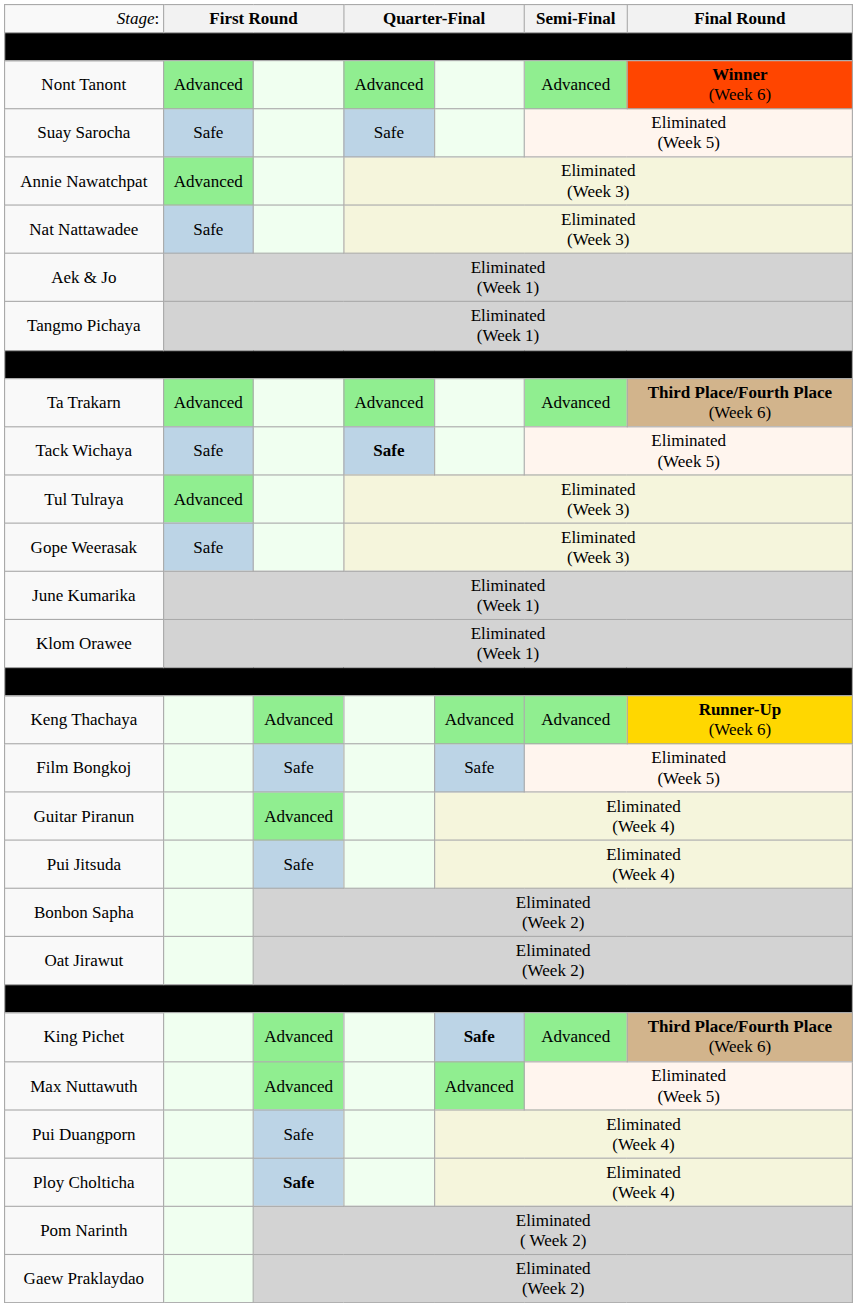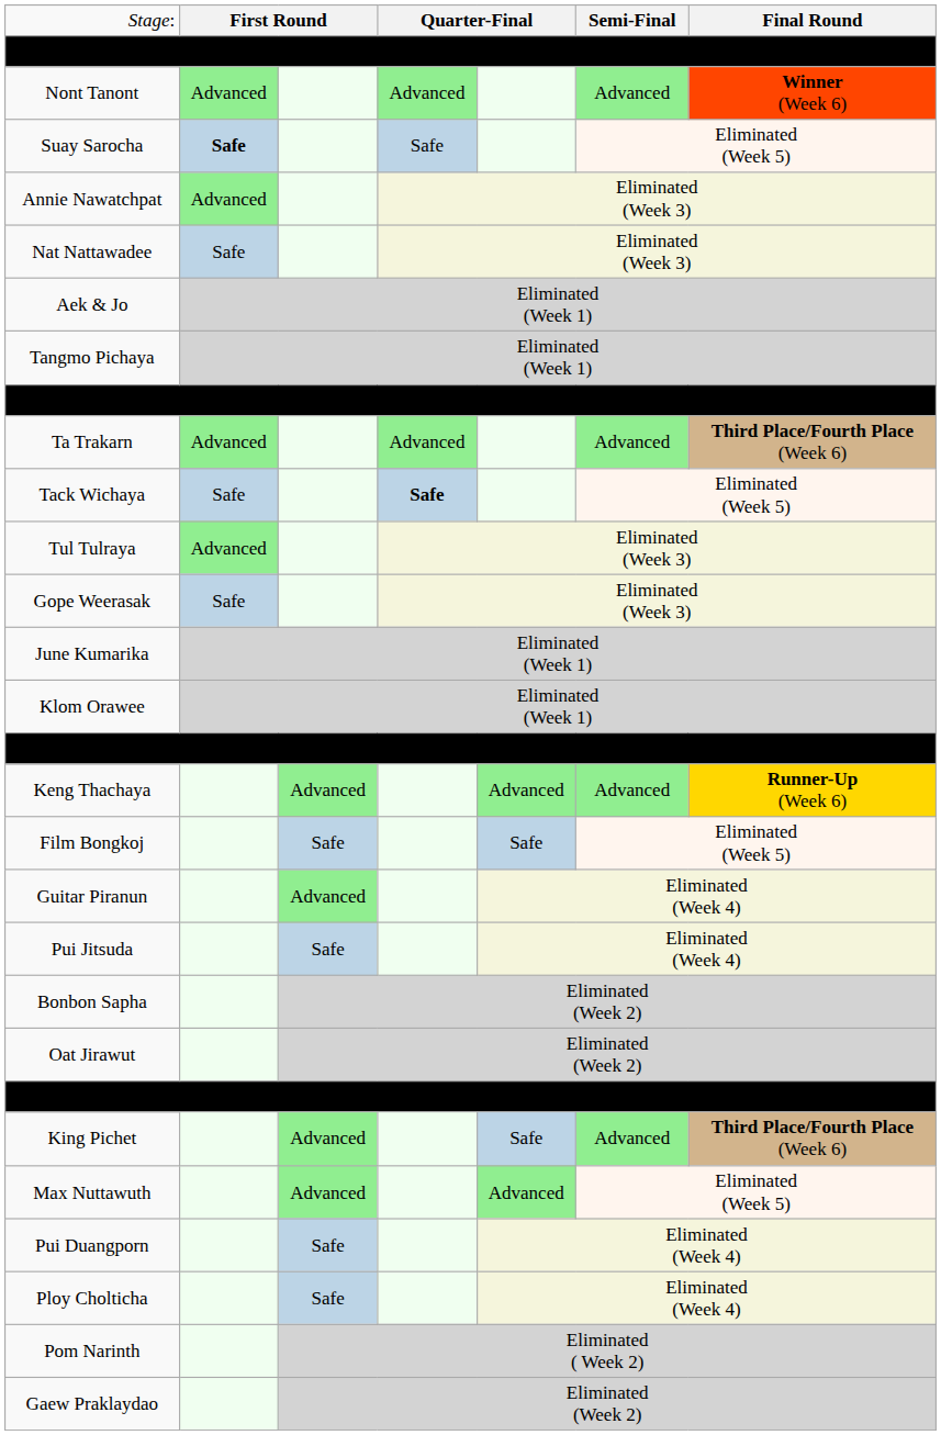 <table class="wikitable" style="text-align:center; font-size:95%" width=60%>
 <tr>
 <td align=right><em>Stage</em>:</td>
 <th colspan=2>First Round</th>
 <th colspan=2>Quarter-Final</th>
 <th colspan=1>Semi-Final</th>
 <th colspan=2>Final Round</th>
 </tr>
 <tr>
 <td bgcolor="000000" colspan=10><span><strong>TEAM KONG</strong></span></td>
 </tr>
 <tr>
 <td>Nont Tanont</td>
 <td bgcolor="lightgreen">Advanced</td>
 <td bgcolor="#F0FFF0"></td>
 <td bgcolor="lightgreen">Advanced</td>
 <td bgcolor="#F0FFF0"></td>
 <td bgcolor="lightgreen">Advanced</td>
 <td colspan=2 style="background:#FF4500;"><strong>Winner</strong><br>(Week 6)</td>
 </tr>
 <tr>
 <td>Suay Sarocha</td>
-<td bgcolor="BCD4E6">Safe</td>
+<td bgcolor="BCD4E6"><strong>Safe</strong></td>
 <td bgcolor="#F0FFF0"></td>
 <td bgcolor="BCD4E6">Safe</td>
 <td bgcolor="#F0FFF0"></td>
 <td style="background:#FFF5EE;" colspan="4">Eliminated<br>(Week 5)</td>
 </tr>
 <tr>
 <td>Annie Nawatchpat</td>
 <td bgcolor="lightgreen">Advanced</td>
 <td bgcolor="#F0FFF0"></td>
 <td style="background:#F5F5DC;" colspan="5">Eliminated<br>(Week 3)</td>
 </tr>
 <tr>
 <td>Nat Nattawadee</td>
 <td bgcolor="BCD4E6">Safe</td>
 <td bgcolor="#F0FFF0"></td>
 <td style="background:#F5F5DC;" colspan="5">Eliminated<br>(Week 3)</td>
 </tr>
 <tr>
 <td>Aek & Jo</td>
 <td style="background:lightgrey;" colspan="7">Eliminated<br>(Week 1)</td>
 </tr>
 <tr>
 <td>Tangmo Pichaya</td>
 <td style="background:lightgrey;" colspan="7">Eliminated<br>(Week 1)</td>
 </tr>
 <tr>
 <td bgcolor="000000" colspan=10><span><strong>TEAM KIM</strong></span></td>
 </tr>
 <tr>
 <td>Ta Trakarn</td>
 <td bgcolor="lightgreen">Advanced</td>
 <td bgcolor="#F0FFF0"></td>
 <td bgcolor="lightgreen">Advanced</td>
 <td bgcolor="#F0FFF0"></td>
 <td bgcolor="lightgreen">Advanced</td>
 <td colspan=2 style="background:tan"><strong>Third Place/Fourth Place</strong><br>(Week 6)</td>
 </tr>
 <tr>
 <td>Tack Wichaya</td>
 <td bgcolor="BCD4E6">Safe</td>
 <td bgcolor="#F0FFF0"></td>
 <td bgcolor="BCD4E6"><strong>Safe</strong></td>
 <td bgcolor="#F0FFF0"></td>
 <td style="background:#FFF5EE;" colspan="4">Eliminated<br>(Week 5)</td>
 </tr>
 <tr>
 <td>Tul Tulraya</td>
 <td bgcolor="lightgreen">Advanced</td>
 <td bgcolor="#F0FFF0"></td>
 <td style="background:#F5F5DC;" colspan="5">Eliminated<br>(Week 3)</td>
 </tr>
 <tr>
 <td>Gope Weerasak</td>
 <td bgcolor="BCD4E6">Safe</td>
 <td bgcolor="#F0FFF0"></td>
 <td style="background:#F5F5DC;" colspan="5">Eliminated<br>(Week 3)</td>
 </tr>
 <tr>
 <td>June Kumarika</td>
 <td style="background:lightgrey;" colspan="7">Eliminated<br>(Week 1)</td>
 </tr>
 <tr>
 <td>Klom Orawee</td>
 <td style="background:lightgrey;" colspan="7">Eliminated<br>(Week 1)</td>
 </tr>
 <tr>
 <td bgcolor="000000" colspan=10><span><strong>TEAM JOEY</strong></span></td>
 </tr>
 <tr>
 <td>Keng Thachaya</td>
 <td bgcolor="#F0FFF0"></td>
 <td bgcolor="lightgreen">Advanced</td>
 <td bgcolor="#F0FFF0"></td>
 <td bgcolor="lightgreen">Advanced</td>
 <td bgcolor="lightgreen">Advanced</td>
 <td colspan=2 style="background:gold;"><strong>Runner-Up</strong><br>(Week 6)</td>
 </tr>
 <tr>
 <td>Film Bongkoj</td>
 <td bgcolor="#F0FFF0"></td>
 <td bgcolor="BCD4E6">Safe</td>
 <td bgcolor="#F0FFF0"></td>
 <td bgcolor="BCD4E6">Safe</td>
 <td style="background:#FFF5EE;" colspan="4">Eliminated<br>(Week 5)</td>
 </tr>
 <tr>
 <td>Guitar Piranun</td>
 <td bgcolor="#F0FFF0"></td>
 <td bgcolor="lightgreen">Advanced</td>
 <td bgcolor="#F0FFF0"></td>
 <td style="background:#F5F5DC;" colspan="4">Eliminated<br>(Week 4)</td>
 </tr>
 <tr>
 <td>Pui Jitsuda</td>
 <td bgcolor="#F0FFF0"></td>
 <td bgcolor="BCD4E6">Safe</td>
 <td bgcolor="#F0FFF0"></td>
 <td style="background:#F5F5DC;" colspan="4">Eliminated<br>(Week 4)</td>
 </tr>
 <tr>
 <td>Bonbon Sapha</td>
 <td bgcolor="#F0FFF0"></td>
 <td style="background:lightgrey;" colspan="6">Eliminated<br>(Week 2)</td>
 </tr>
 <tr>
 <td>Oat Jirawut</td>
 <td bgcolor="#F0FFF0"></td>
 <td style="background:lightgrey;" colspan="6">Eliminated<br>(Week 2)</td>
 </tr>
 <tr>
 <td bgcolor="000000" colspan=10><span><strong>TEAM STAMP</strong></span></td>
 </tr>
 <tr>
 <td>King Pichet</td>
 <td bgcolor="#F0FFF0"></td>
 <td bgcolor="lightgreen">Advanced</td>
 <td bgcolor="#F0FFF0"></td>
-<td bgcolor="BCD4E6"><strong>Safe</strong></td>
+<td bgcolor="BCD4E6">Safe</td>
 <td bgcolor="lightgreen">Advanced</td>
 <td colspan=2 style="background:tan"><strong>Third Place/Fourth Place</strong><br>(Week 6)</td>
 </tr>
 <tr>
 <td>Max Nuttawuth</td>
 <td bgcolor="#F0FFF0"></td>
 <td bgcolor="lightgreen">Advanced</td>
 <td bgcolor="#F0FFF0"></td>
 <td bgcolor="lightgreen">Advanced</td>
 <td style="background:#FFF5EE;" colspan="4">Eliminated<br>(Week 5)</td>
 </tr>
 <tr>
 <td>Pui Duangporn</td>
 <td bgcolor="#F0FFF0"></td>
 <td bgcolor="BCD4E6">Safe</td>
 <td bgcolor="#F0FFF0"></td>
 <td style="background:#F5F5DC;" colspan="4">Eliminated<br>(Week 4)</td>
 </tr>
 <tr>
 <td>Ploy Cholticha</td>
 <td bgcolor="#F0FFF0"></td>
-<td bgcolor="BCD4E6"><strong>Safe</strong></td>
+<td bgcolor="BCD4E6">Safe</td>
 <td bgcolor="#F0FFF0"></td>
 <td style="background:#F5F5DC;" colspan="4">Eliminated<br>(Week 4)</td>
 </tr>
 <tr>
 <td>Pom Narinth</td>
 <td bgcolor="#F0FFF0"></td>
 <td style="background:lightgrey;" colspan="6">Eliminated<br>( Week 2)</td>
 </tr>
 <tr>
 <td>Gaew Praklaydao</td>
 <td bgcolor="#F0FFF0"></td>
 <td style="background:lightgrey;" colspan="6">Eliminated<br>(Week 2)</td>
 </tr>
 </table>
